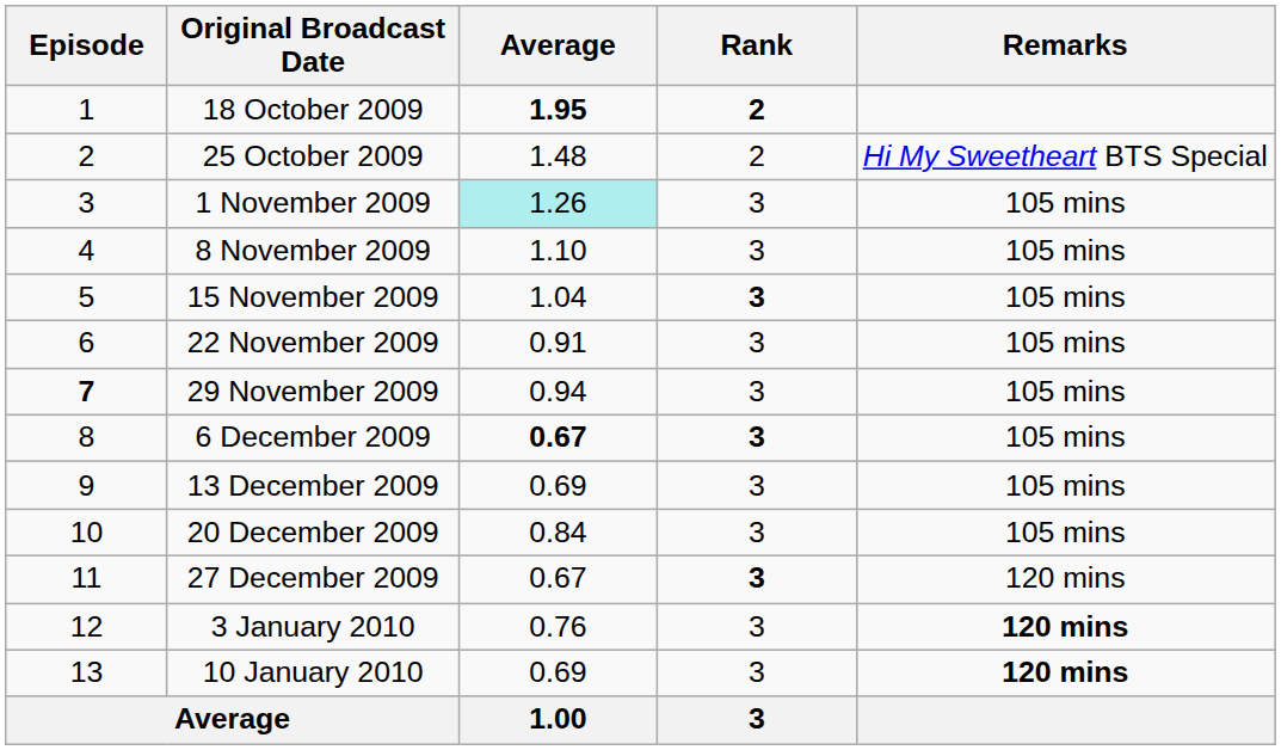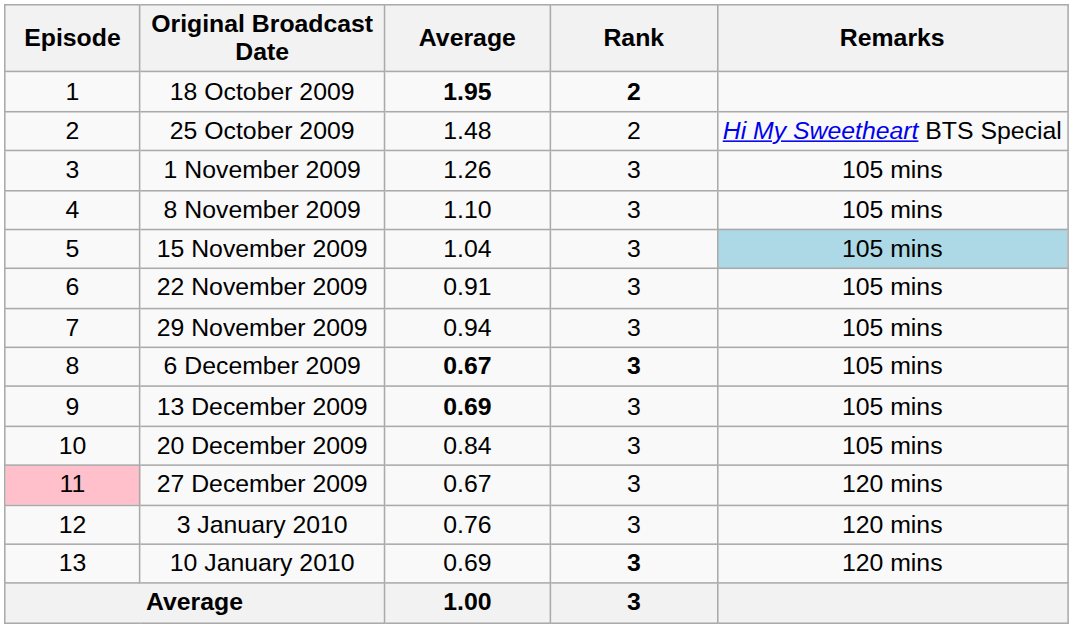 <table class="wikitable" style="text-align:center">
 <tr>
 <th width=80>Episode</th>
 <th width=150>Original Broadcast Date</th>
 <th width=100>Average</th>
 <th width=100>Rank</th>
 <th>Remarks</th>
 </tr>
 <tr>
 <td>1</td>
 <td>18 October 2009</td>
 <td><span> <strong>1.95</strong></span></td>
 <td><span> <strong>2</strong></span></td>
 <td></td>
 </tr>
 <tr>
 <td>2</td>
 <td>25 October 2009</td>
 <td>1.48</td>
 <td>2</td>
 <td><em><a href='#'>Hi My Sweetheart</a></em> BTS Special</td>
 </tr>
 <tr>
 <td>3</td>
 <td>1 November 2009</td>
-<td style="background: paleturquoise;">1.26</td>
+<td>1.26</td>
 <td>3</td>
 <td>105 mins</td>
 </tr>
 <tr>
 <td>4</td>
 <td>8 November 2009</td>
 <td>1.10</td>
 <td>3</td>
 <td>105 mins</td>
 </tr>
 <tr>
 <td>5</td>
 <td>15 November 2009</td>
 <td>1.04</td>
-<td><strong>3</strong></td>
-<td>105 mins</td>
+<td>3</td>
+<td style="background: lightblue;">105 mins</td>
 </tr>
 <tr>
 <td>6</td>
 <td>22 November 2009</td>
 <td>0.91</td>
 <td>3</td>
 <td>105 mins</td>
 </tr>
 <tr>
-<td><strong>7</strong></td>
+<td>7</td>
 <td>29 November 2009</td>
 <td>0.94</td>
 <td>3</td>
 <td>105 mins</td>
 </tr>
 <tr>
 <td>8</td>
 <td>6 December 2009</td>
 <td><span><strong>0.67</strong></span></td>
 <td><span> <strong>3</strong></span></td>
 <td>105 mins</td>
 </tr>
 <tr>
 <td>9</td>
 <td>13 December 2009</td>
-<td>0.69</td>
+<td><strong>0.69</strong></td>
 <td>3</td>
 <td>105 mins</td>
 </tr>
 <tr>
 <td>10</td>
 <td>20 December 2009</td>
 <td>0.84</td>
 <td>3</td>
 <td>105 mins</td>
 </tr>
 <tr>
-<td>11</td>
+<td style="background: pink;">11</td>
 <td>27 December 2009</td>
 <td>0.67</td>
-<td><strong>3</strong></td>
+<td>3</td>
 <td>120 mins</td>
 </tr>
 <tr>
 <td>12</td>
 <td>3 January 2010</td>
 <td>0.76</td>
 <td>3</td>
-<td><strong>120 mins</strong></td>
+<td>120 mins</td>
 </tr>
 <tr>
 <td>13</td>
 <td>10 January 2010</td>
 <td>0.69</td>
-<td>3</td>
-<td><strong>120 mins</strong></td>
+<td><strong>3</strong></td>
+<td>120 mins</td>
 </tr>
 <tr>
 <th colspan=2>Average</th>
 <th>1.00</th>
 <th>3</th>
 <th></th>
 </tr>
 </table>
